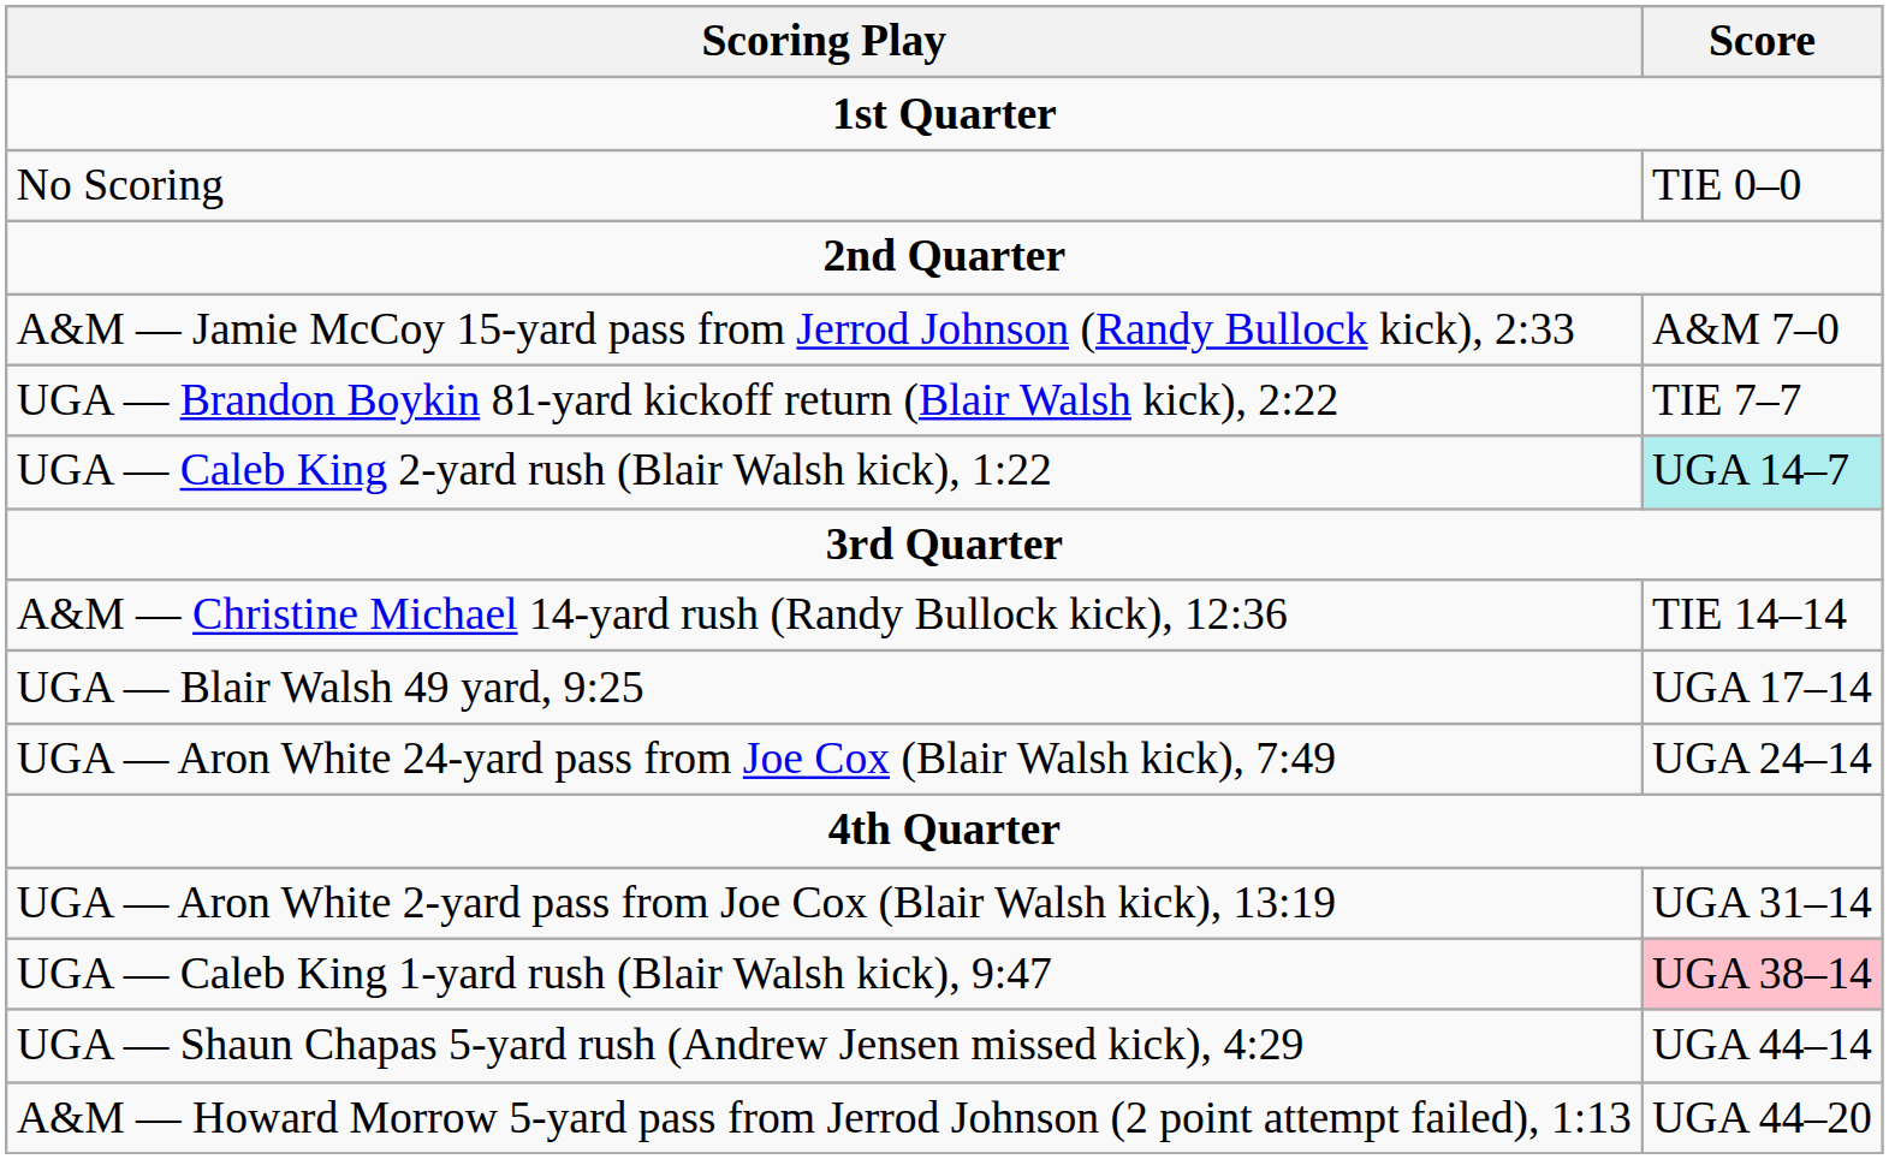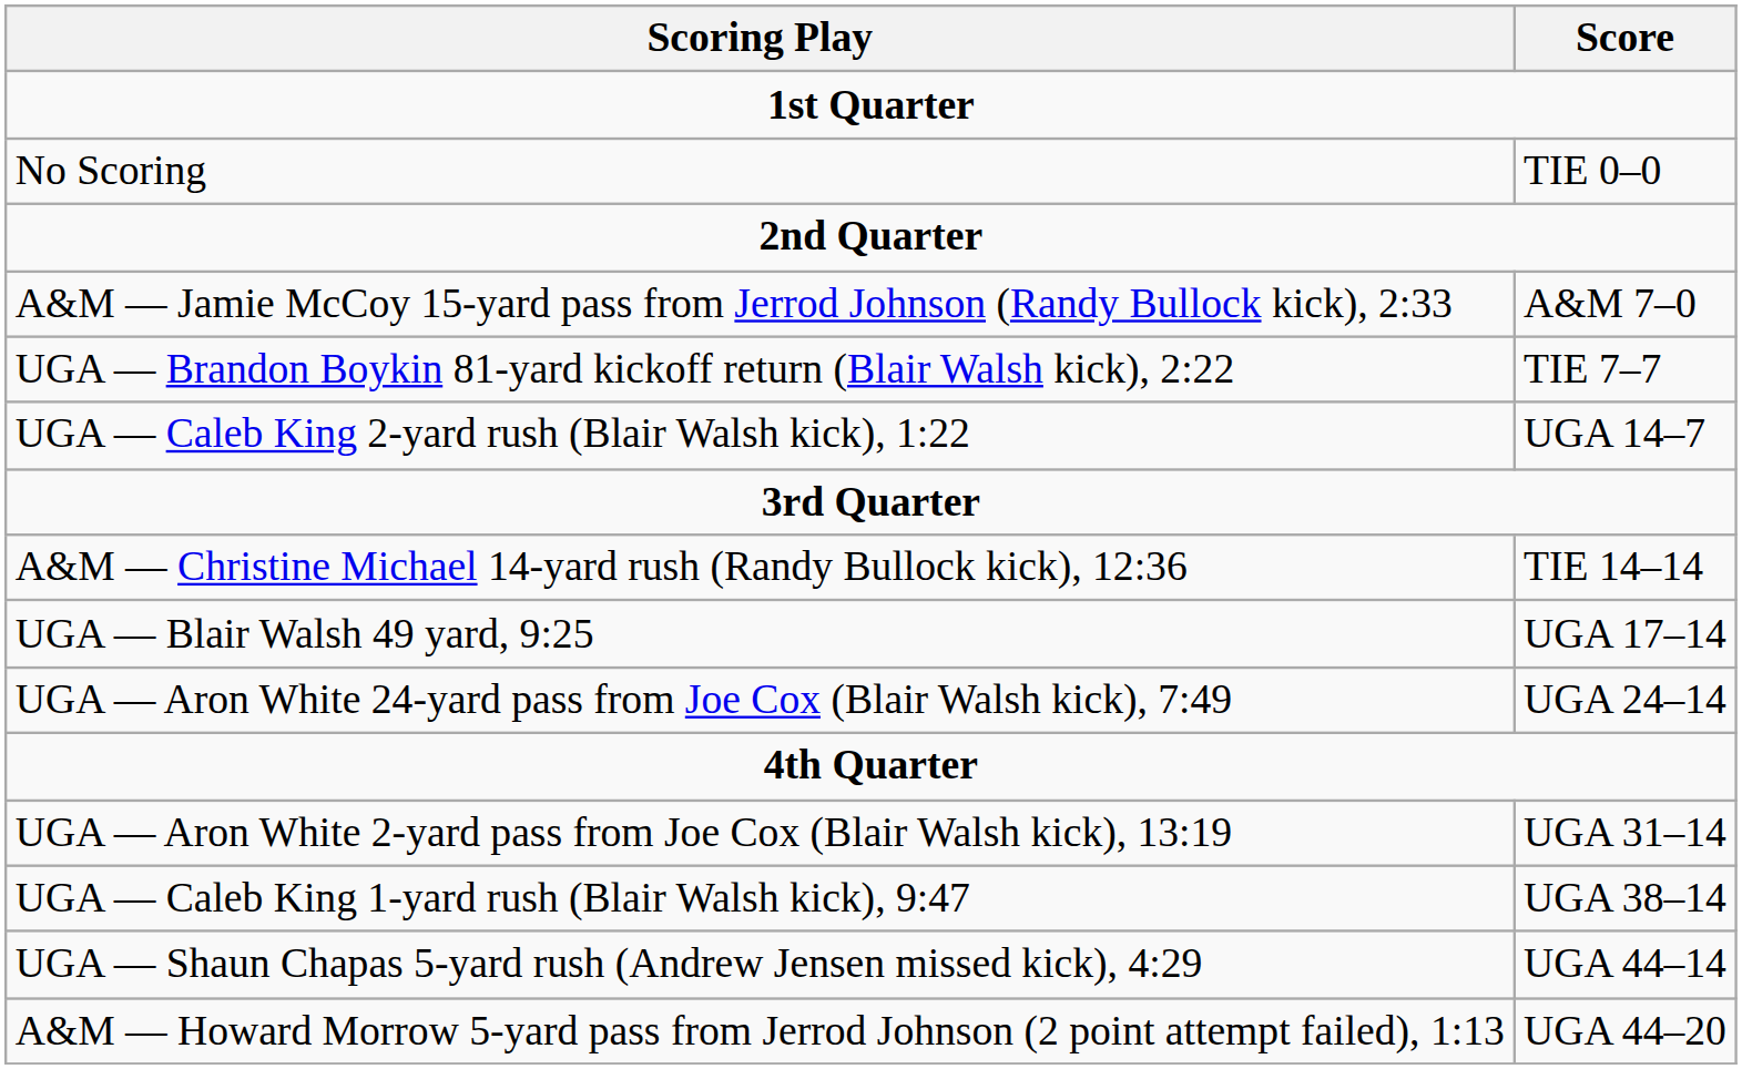 <table class="wikitable">
 <tr>
 <th>Scoring Play</th>
 <th>Score</th>
 </tr>
 <tr>
 <td colspan="4" align="center"><strong>1st Quarter</strong></td>
 </tr>
 <tr>
 <td>No Scoring</td>
 <td>TIE 0–0</td>
 </tr>
 <tr>
 <td colspan="4" align="center"><strong>2nd Quarter</strong></td>
 </tr>
 <tr>
 <td>A&M — Jamie McCoy 15-yard pass from <a href='#'>Jerrod Johnson</a> (<a href='#'>Randy Bullock</a> kick), 2:33</td>
 <td>A&M 7–0</td>
 </tr>
 <tr>
 <td>UGA — <a href='#'>Brandon Boykin</a> 81-yard kickoff return (<a href='#'>Blair Walsh</a> kick), 2:22</td>
 <td>TIE 7–7</td>
 </tr>
 <tr>
 <td>UGA — <a href='#'>Caleb King</a> 2-yard rush (Blair Walsh kick), 1:22</td>
-<td style="background: paleturquoise;">UGA 14–7</td>
+<td>UGA 14–7</td>
 </tr>
 <tr>
 <td colspan="4" align="center"><strong>3rd Quarter</strong></td>
 </tr>
 <tr>
 <td>A&M — <a href='#'>Christine Michael</a> 14-yard rush (Randy Bullock kick), 12:36</td>
 <td>TIE 14–14</td>
 </tr>
 <tr>
 <td>UGA — Blair Walsh 49 yard, 9:25</td>
 <td>UGA 17–14</td>
 </tr>
 <tr>
 <td>UGA — Aron White 24-yard pass from <a href='#'>Joe Cox</a> (Blair Walsh kick), 7:49</td>
 <td>UGA 24–14</td>
 </tr>
 <tr>
 <td colspan="4" align="center"><strong>4th Quarter</strong></td>
 </tr>
 <tr>
 <td>UGA — Aron White 2-yard pass from Joe Cox (Blair Walsh kick), 13:19</td>
 <td>UGA 31–14</td>
 </tr>
 <tr>
 <td>UGA — Caleb King 1-yard rush (Blair Walsh kick), 9:47</td>
-<td style="background: pink;">UGA 38–14</td>
+<td>UGA 38–14</td>
 </tr>
 <tr>
 <td>UGA — Shaun Chapas 5-yard rush (Andrew Jensen missed kick), 4:29</td>
 <td>UGA 44–14</td>
 </tr>
 <tr>
 <td>A&M — Howard Morrow 5-yard pass from Jerrod Johnson (2 point attempt failed), 1:13</td>
 <td>UGA 44–20</td>
 </tr>
 </table>
